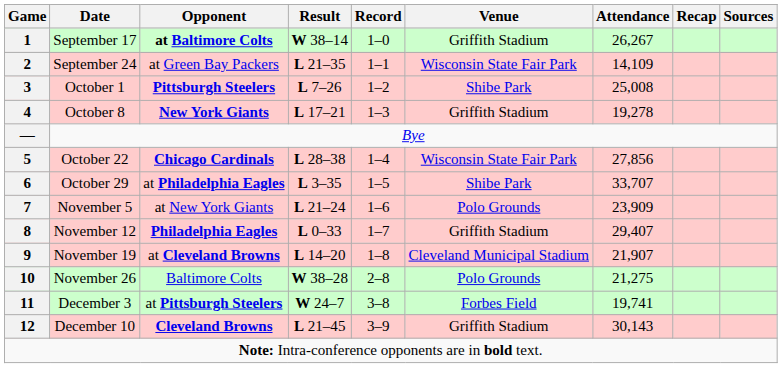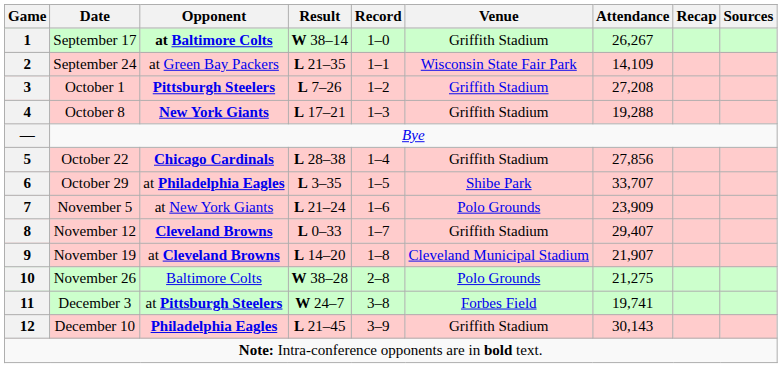 <table class="wikitable" style="text-align:center">
 <tr>
 <th>Game</th>
 <th>Date</th>
 <th>Opponent</th>
 <th>Result</th>
 <th>Record</th>
 <th>Venue</th>
 <th>Attendance</th>
 <th>Recap</th>
 <th>Sources</th>
 </tr>
 <tr style="background:#cfc">
 <th>1</th>
 <td>September 17</td>
 <td><strong>at <a href='#'>Baltimore Colts</a></strong></td>
 <td><strong>W</strong> 38–14</td>
 <td>1–0</td>
 <td>Griffith Stadium</td>
 <td>26,267</td>
 <td></td>
 <td></td>
 </tr>
 <tr style="background:#fcc">
 <th>2</th>
 <td>September 24</td>
 <td>at <a href='#'>Green Bay Packers</a></td>
 <td><strong>L</strong> 21–35</td>
 <td>1–1</td>
 <td><a href='#'>Wisconsin State Fair Park</a></td>
 <td>14,109</td>
 <td></td>
 <td></td>
 </tr>
 <tr style="background:#fcc">
 <th>3</th>
 <td>October 1</td>
 <td><strong><a href='#'>Pittsburgh Steelers</a></strong></td>
 <td><strong>L</strong> 7–26</td>
 <td>1–2</td>
-<td><a href='#'>Shibe Park</a></td>
-<td>25,008</td>
+<td><a href='#'>Griffith Stadium</a></td>
+<td>27,208</td>
 <td></td>
 <td></td>
 </tr>
 <tr style="background:#fcc">
 <th>4</th>
 <td>October 8</td>
 <td><strong><a href='#'>New York Giants</a></strong></td>
 <td><strong>L</strong> 17–21</td>
 <td>1–3</td>
 <td>Griffith Stadium</td>
-<td>19,278</td>
+<td>19,288</td>
 <td></td>
 <td></td>
 </tr>
 <tr>
 <th>—</th>
 <td colspan="8"><em><a href='#'>Bye</a></em></td>
 </tr>
 <tr style="background:#fcc">
 <th>5</th>
 <td>October 22</td>
 <td><strong><a href='#'>Chicago Cardinals</a></strong></td>
 <td><strong>L</strong> 28–38</td>
 <td>1–4</td>
-<td><a href='#'>Wisconsin State Fair Park</a></td>
+<td>Griffith Stadium</td>
 <td>27,856</td>
 <td></td>
 <td></td>
 </tr>
 <tr style="background:#fcc">
 <th>6</th>
 <td>October 29</td>
 <td>at <strong><a href='#'>Philadelphia Eagles</a></strong></td>
 <td><strong>L</strong> 3–35</td>
 <td>1–5</td>
 <td><a href='#'>Shibe Park</a></td>
 <td>33,707</td>
 <td></td>
 <td></td>
 </tr>
 <tr style="background:#fcc">
 <th>7</th>
 <td>November 5</td>
 <td>at <a href='#'>New York Giants</a></td>
 <td><strong>L</strong> 21–24</td>
 <td>1–6</td>
 <td><a href='#'>Polo Grounds</a></td>
 <td>23,909</td>
 <td></td>
 <td></td>
 </tr>
 <tr style="background:#fcc">
 <th>8</th>
 <td>November 12</td>
-<td><strong><a href='#'>Philadelphia Eagles</a></strong></td>
+<td><strong><a href='#'>Cleveland Browns</a></strong></td>
 <td><strong>L</strong> 0–33</td>
 <td>1–7</td>
 <td>Griffith Stadium</td>
 <td>29,407</td>
 <td></td>
 <td></td>
 </tr>
 <tr style="background:#fcc">
 <th>9</th>
 <td>November 19</td>
 <td>at <strong><a href='#'>Cleveland Browns</a></strong></td>
 <td><strong>L</strong> 14–20</td>
 <td>1–8</td>
 <td><a href='#'>Cleveland Municipal Stadium</a></td>
 <td>21,907</td>
 <td></td>
 <td></td>
 </tr>
 <tr style="background:#cfc">
 <th>10</th>
 <td>November 26</td>
 <td><a href='#'>Baltimore Colts</a></td>
 <td><strong>W</strong> 38–28</td>
 <td>2–8</td>
 <td><a href='#'>Polo Grounds</a></td>
 <td>21,275</td>
 <td></td>
 <td></td>
 </tr>
 <tr style="background:#cfc">
 <th>11</th>
 <td>December 3</td>
 <td>at <strong><a href='#'>Pittsburgh Steelers</a></strong></td>
 <td><strong>W</strong> 24–7</td>
 <td>3–8</td>
 <td><a href='#'>Forbes Field</a></td>
 <td>19,741</td>
 <td></td>
 <td></td>
 </tr>
 <tr style="background:#fcc">
 <th>12</th>
 <td>December 10</td>
-<td><strong><a href='#'>Cleveland Browns</a></strong></td>
+<td><strong><a href='#'>Philadelphia Eagles</a></strong></td>
 <td><strong>L</strong> 21–45</td>
 <td>3–9</td>
 <td>Griffith Stadium</td>
 <td>30,143</td>
 <td></td>
 <td></td>
 </tr>
 <tr>
 <td colspan="10"><strong>Note:</strong> Intra-conference opponents are in <strong>bold</strong> text.</td>
 </tr>
 </table>
